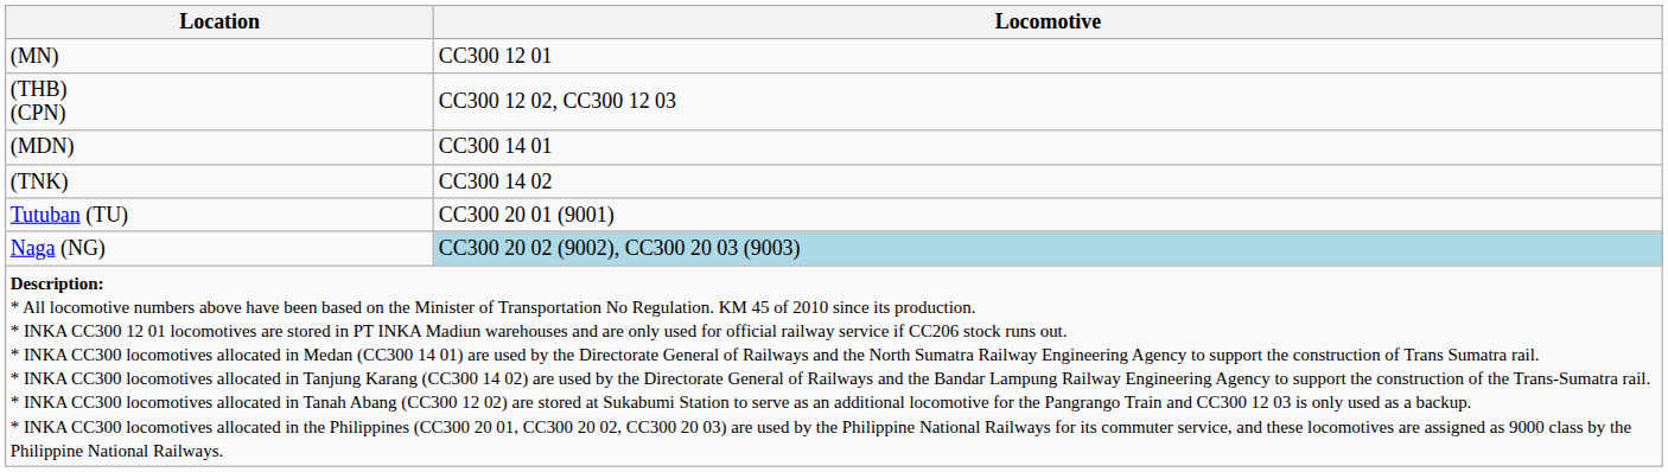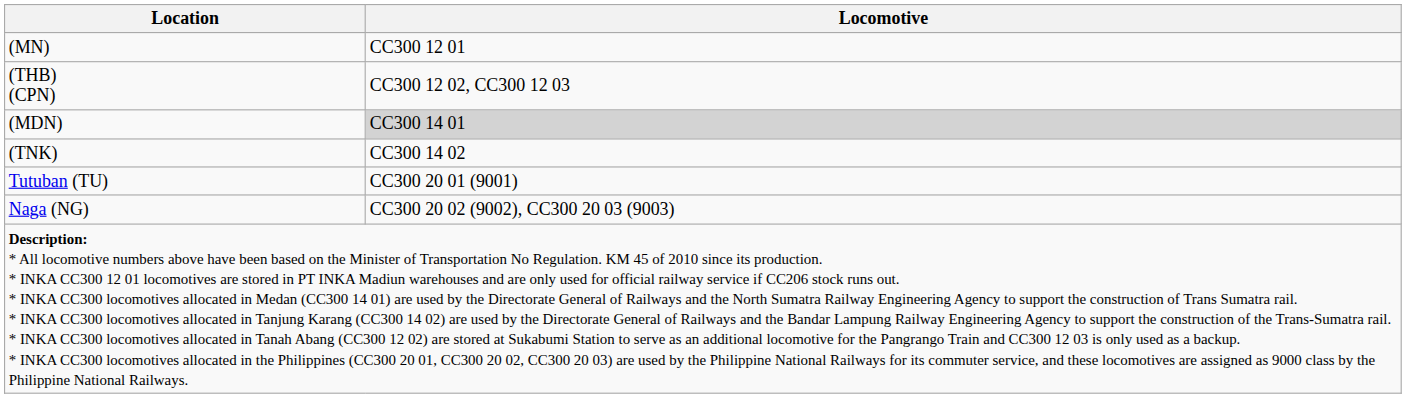 <table class="wikitable">
 <tr>
 <th>Location</th>
 <th>Locomotive</th>
 </tr>
 <tr>
 <td> (MN)</td>
 <td>CC300 12 01</td>
 </tr>
 <tr>
 <td> (THB) <br>  (CPN)</td>
 <td>CC300 12 02, CC300 12 03</td>
 </tr>
 <tr>
 <td> (MDN)</td>
-<td>CC300 14 01</td>
+<td style="background: lightgrey;">CC300 14 01</td>
 </tr>
 <tr>
 <td> (TNK)</td>
 <td>CC300 14 02</td>
 </tr>
 <tr>
 <td><a href='#'>Tutuban</a> (TU)</td>
 <td>CC300 20 01 (9001)</td>
 </tr>
 <tr>
 <td><a href='#'>Naga</a> (NG)</td>
-<td style="background: lightblue;">CC300 20 02 (9002), CC300 20 03 (9003)</td>
+<td>CC300 20 02 (9002), CC300 20 03 (9003)</td>
 </tr>
 <tr>
 <td colspan="2"><strong><small>Description:</small></strong><br><small>* All locomotive numbers above have been based on the Minister of Transportation No Regulation. KM 45 of 2010 since its production.</small><br> <small>* INKA CC300 12 01 locomotives are stored in PT INKA Madiun warehouses and are only used for official railway service if CC206 stock runs out.</small><br> <small>* INKA CC300 locomotives allocated in Medan (CC300 14 01) are used by the Directorate General of Railways and the North Sumatra Railway Engineering Agency to support the construction of Trans Sumatra rail.</small><br> <small>* INKA CC300 locomotives allocated in Tanjung Karang (CC300 14 02) are used by the Directorate General of Railways and the Bandar Lampung Railway Engineering Agency to support the construction of the Trans-Sumatra rail.</small><br> <small>* INKA CC300 locomotives allocated in Tanah Abang (CC300 12 02) are stored at Sukabumi Station to serve as an additional locomotive for the Pangrango Train and CC300 12 03 is only used as a backup.</small><br> <small>* INKA CC300 locomotives allocated in the Philippines (CC300 20 01, CC300 20 02, CC300 20 03) are used by the Philippine National Railways for its commuter service, and these locomotives are assigned as 9000 class by the Philippine National Railways.</small></td>
 </tr>
 </table>
